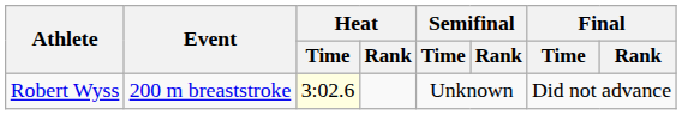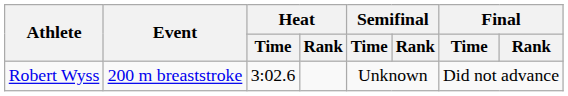 <table class=wikitable style="font-size:90%;">
 <tr>
 <th rowspan=2>Athlete</th>
 <th rowspan=2>Event</th>
 <th colspan=2>Heat</th>
 <th colspan=2>Semifinal</th>
 <th colspan=2>Final</th>
 </tr>
 <tr style="font-size:95%">
 <th>Time</th>
 <th>Rank</th>
 <th>Time</th>
 <th>Rank</th>
 <th>Time</th>
 <th>Rank</th>
 </tr>
 <tr align=center>
 <td align=left><a href='#'>Robert Wyss</a></td>
 <td rowspan=2 align=left><a href='#'>200 m breaststroke</a></td>
-<td style="background: lightyellow;">3:02.6</td>
+<td>3:02.6</td>
 <td></td>
 <td colspan=2>Unknown</td>
 <td colspan=4>Did not advance</td>
 </tr>
 </table>
